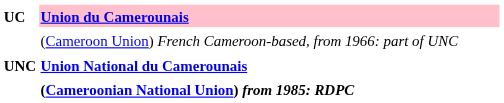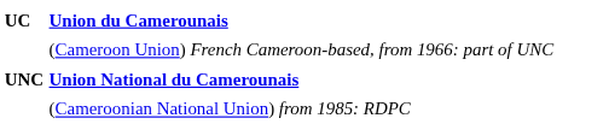 <table style="margin:0 auto;" id=toc cellpadding=1>
 <tr>
 <th width="7%"></th>
 </tr>
 <tr valign=top>
 <td rowspan="2"><small><strong>UC</strong></small></td>
-<td style="background: pink;"><small><strong><a href='#'>Union du Camerounais</a></strong></small></td>
+<td><small><strong><a href='#'>Union du Camerounais</a></strong></small></td>
 </tr>
 <tr valign=top>
 <td><small>(<a href='#'>Cameroon Union</a>) <em>French Cameroon-based, from 1966: part of UNC</em></small></td>
 </tr>
 <tr valign=top>
 <td rowspan="2"><small><strong>UNC</strong></small></td>
 <td><small><strong><a href='#'>Union National du Camerounais</a></strong></small></td>
 </tr>
 <tr valign=top>
-<td valign=top><strong><small>(<a href='#'>Cameroonian National Union</a>) <em>from 1985: RDPC</em></small></strong></td>
+<td valign=top><small>(<a href='#'>Cameroonian National Union</a>) <em>from 1985: RDPC</em></small></td>
 </tr>
 <tr>
 </tr>
 </table>
